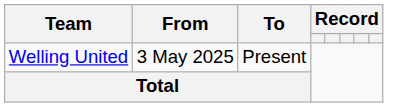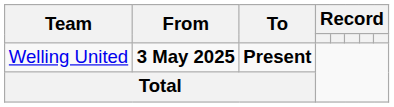 <table class=wikitable style=text-align:center>
 <tr>
 <th rowspan=2>Team</th>
 <th rowspan=2>From</th>
 <th rowspan=2>To</th>
 <th colspan=5>Record</th>
 </tr>
 <tr>
 <th></th>
 <th></th>
 <th></th>
 <th></th>
 <th></th>
 </tr>
 <tr>
 <td align=left><a href='#'>Welling United</a></td>
-<td align=left>3 May 2025</td>
-<td align=left>Present<br></td>
+<td align=left><strong>3 May 2025</strong></td>
+<td align=left><strong>Present<br></strong></td>
 </tr>
 <tr>
 <th colspan=3>Total<br></th>
 </tr>
 </table>
